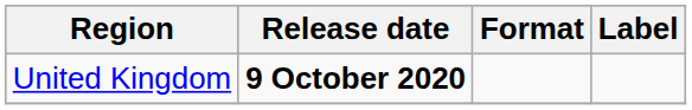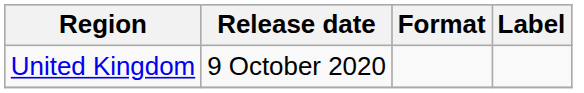 <table class="wikitable">
 <tr>
 <th>Region</th>
 <th>Release date</th>
 <th>Format</th>
 <th>Label</th>
 </tr>
 <tr>
 <td><a href='#'>United Kingdom</a></td>
-<td><strong>9 October 2020</strong></td>
+<td>9 October 2020</td>
 <td></td>
 <td></td>
 </tr>
 <tr>
 </tr>
 </table>
